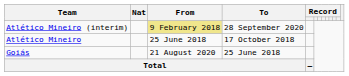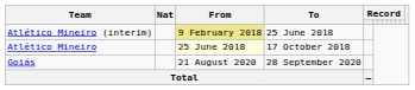 <table class="wikitable" style="text-align: center">
 <tr>
 <th rowspan="2">Team</th>
 <th rowspan="2">Nat</th>
 <th rowspan="2">From</th>
 <th rowspan="2">To</th>
 <th colspan="8">Record</th>
 <th rowspan=2></th>
 </tr>
 <tr>
 <th></th>
 <th></th>
 <th></th>
 <th></th>
 <th></th>
 <th></th>
 <th></th>
 <th></th>
 </tr>
 <tr>
 <td align=left><a href='#'>Atlético Mineiro</a> (interim)</td>
 <td></td>
 <td align=left style="background: khaki;">9 February 2018</td>
-<td align=left>28 September 2020<br></td>
+<td align=left>25 June 2018<br></td>
 <td></td>
 </tr>
 <tr>
 <td align=left><a href='#'>Atlético Mineiro</a></td>
 <td></td>
-<td align=left>25 June 2018</td>
+<td align=left style="background: lightyellow;">25 June 2018</td>
 <td align=left>17 October 2018<br></td>
 <td></td>
 </tr>
 <tr>
 <td align=left><a href='#'>Goiás</a></td>
 <td></td>
 <td align=left>21 August 2020</td>
-<td align=left>25 June 2018<br></td>
+<td align=left>28 September 2020<br></td>
 <td></td>
 </tr>
 <tr>
 <th colspan="4">Total<br></th>
 <th>—</th>
 </tr>
 </table>
